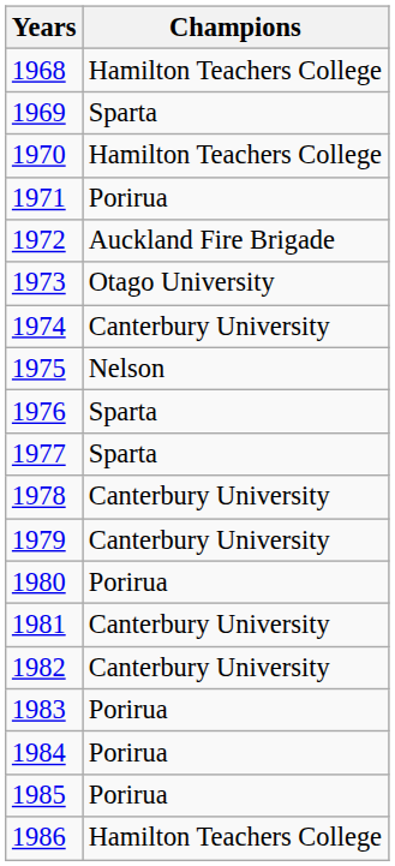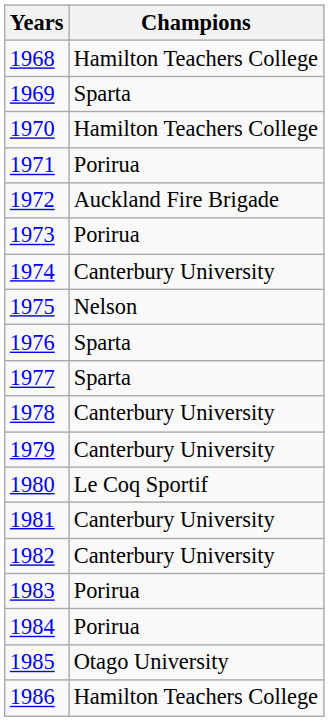 <table class="wikitable" style="display:inline-table;">
 <tr>
 <th>Years</th>
 <th>Champions</th>
 </tr>
 <tr>
 <td><a href='#'>1968</a></td>
 <td>Hamilton Teachers College</td>
 </tr>
 <tr>
 <td><a href='#'>1969</a></td>
 <td>Sparta</td>
 </tr>
 <tr>
 <td><a href='#'>1970</a></td>
 <td>Hamilton Teachers College</td>
 </tr>
 <tr>
 <td><a href='#'>1971</a></td>
 <td>Porirua</td>
 </tr>
 <tr>
 <td><a href='#'>1972</a></td>
 <td>Auckland Fire Brigade</td>
 </tr>
 <tr>
 <td><a href='#'>1973</a></td>
-<td>Otago University</td>
+<td>Porirua</td>
 </tr>
 <tr>
 <td><a href='#'>1974</a></td>
 <td>Canterbury University</td>
 </tr>
 <tr>
 <td><a href='#'>1975</a></td>
 <td>Nelson</td>
 </tr>
 <tr>
 <td><a href='#'>1976</a></td>
 <td>Sparta</td>
 </tr>
 <tr>
 <td><a href='#'>1977</a></td>
 <td>Sparta</td>
 </tr>
 <tr>
 <td><a href='#'>1978</a></td>
 <td>Canterbury University</td>
 </tr>
 <tr>
 <td><a href='#'>1979</a></td>
 <td>Canterbury University</td>
 </tr>
 <tr>
 <td><a href='#'>1980</a></td>
-<td>Porirua</td>
+<td>Le Coq Sportif</td>
 </tr>
 <tr>
 <td><a href='#'>1981</a></td>
 <td>Canterbury University</td>
 </tr>
 <tr>
 <td><a href='#'>1982</a></td>
 <td>Canterbury University</td>
 </tr>
 <tr>
 <td><a href='#'>1983</a></td>
 <td>Porirua</td>
 </tr>
 <tr>
 <td><a href='#'>1984</a></td>
 <td>Porirua</td>
 </tr>
 <tr>
 <td><a href='#'>1985</a></td>
-<td>Porirua</td>
+<td>Otago University</td>
 </tr>
 <tr>
 <td><a href='#'>1986</a></td>
 <td>Hamilton Teachers College</td>
 </tr>
 </table>
